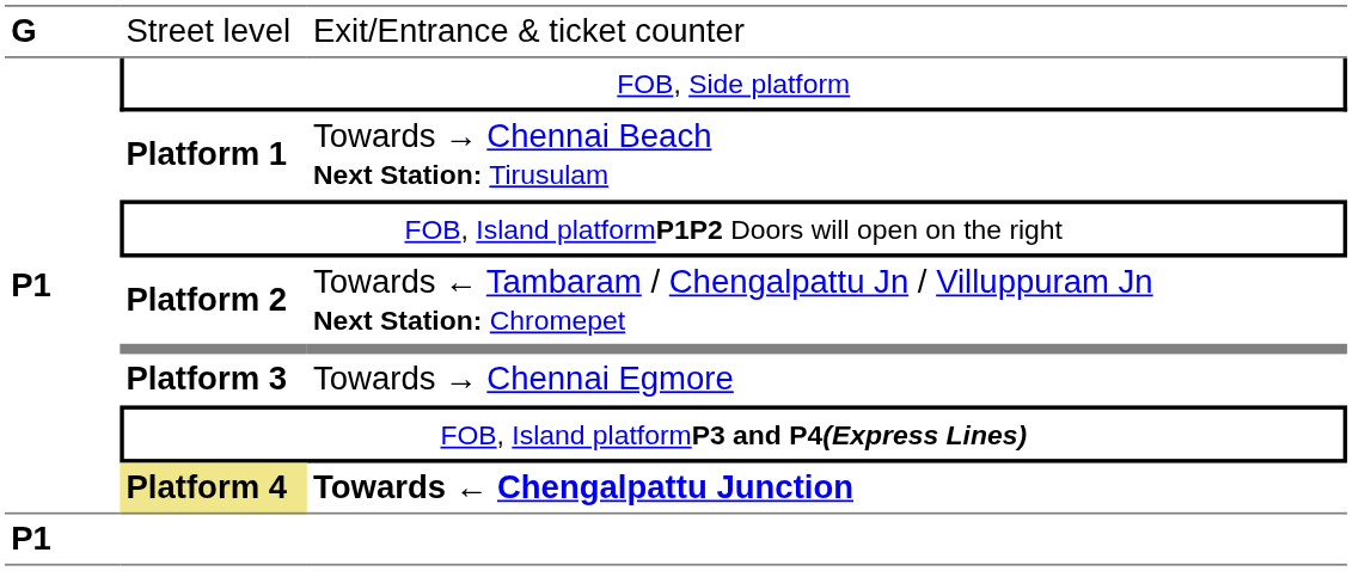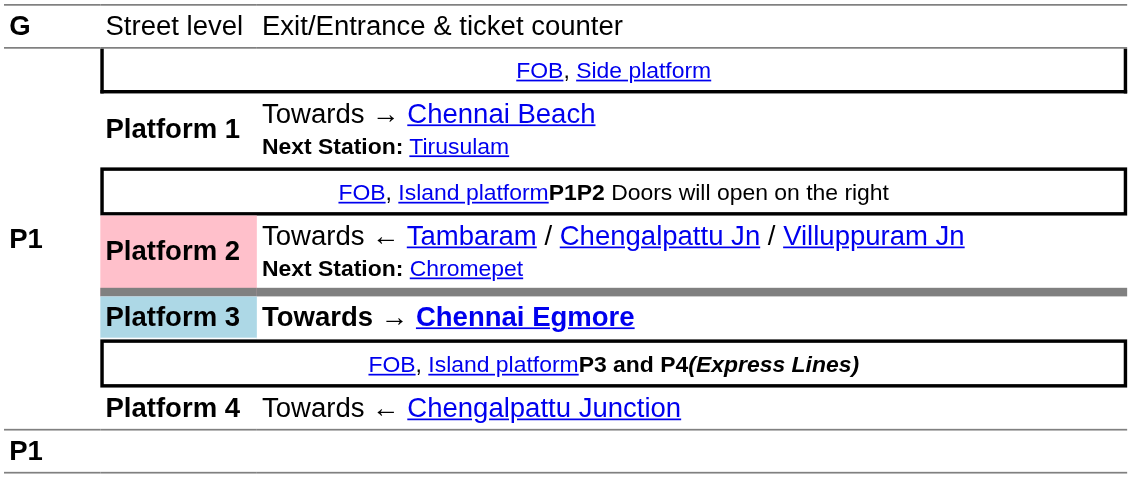 <table cellpadding="3" cellspacing="0" border="0">
 <tr>
 <td valign="top" width="30" style="border-top:solid 1px gray;border-bottom:solid 1px gray;"><strong>G</strong></td>
 <td valign="top" width="85" style="border-top:solid 1px gray;border-bottom:solid 1px gray;">Street level</td>
 <td valign="top" width="500" style="border-top:solid 1px gray;border-bottom:solid 1px gray;">Exit/Entrance & ticket counter</td>
 </tr>
 <tr>
 <td rowspan="7" style="border-bottom:solid 1px gray;" width="50" valign="center"><strong>P1</strong></td>
 <td colspan="2" style="border-right:solid 2px black;border-left:solid 2px black;border-bottom:solid 2px black;text-align:center;"><a href='#'><small>FOB</small></a><small>, <a href='#'>Side platform</a></small></td>
 </tr>
 <tr>
 <td width="85" style="border-bottom:solid 1px white;"><span><strong>Platform 1</strong></span></td>
 <td width="500" style="border-bottom:solid 1px white;">Towards → <a href='#'>Chennai Beach</a><br><small><strong>Next Station:</strong> <a href='#'>Tirusulam</a></small></td>
 </tr>
 <tr>
 <td colspan="2" style="border-top:solid 2px black;border-right:solid 2px black;border-left:solid 2px black;border-bottom:solid 2px black;text-align:center;"><a href='#'><small>FOB</small></a><small>, <a href='#'>Island platform</a><strong>P1</strong><strong>P2</strong> Doors will open on the right</small></td>
 </tr>
 <tr>
-<td width="85" style="border-bottom:solid 5px gray;"><span><strong>Platform 2</strong></span></td>
+<td width="85" style="background: pink; border-bottom:solid 5px gray;"><span><strong>Platform 2</strong></span></td>
 <td width="500" style="border-bottom:solid 5px gray;">Towards ← <a href='#'>Tambaram</a> / <a href='#'>Chengalpattu Jn</a> / <a href='#'>Villuppuram Jn</a><br><small><strong>Next Station:</strong> <a href='#'>Chromepet</a></small></td>
 </tr>
 <tr>
-<td width="85" style="border-bottom:solid 1px white;"><span><strong>Platform 3</strong></span></td>
-<td style="border-bottom:solid 1px white;" width="500">Towards → <a href='#'>Chennai Egmore</a></td>
+<td width="85" style="background: lightblue; border-bottom:solid 1px white;"><span><strong>Platform 3</strong></span></td>
+<td style="border-bottom:solid 1px white;" width="500"><strong>Towards → <a href='#'>Chennai Egmore</a></strong></td>
 </tr>
 <tr>
 <td colspan="2" style="border-top:solid 2px black;border-right:solid 2px black;border-left:solid 2px black;border-bottom:solid 2px black;text-align:center;"><a href='#'><small>FOB</small></a><small>, <a href='#'>Island platform</a><strong>P3 and P4</strong><strong><em>(Express Lines)</em></strong></small></td>
 </tr>
 <tr>
-<td width="85" style="background: khaki; border-bottom:solid 1px gray;"><span><strong>Platform 4</strong></span></td>
-<td style="border-bottom:solid 1px gray;" width="500"><strong>Towards ← <a href='#'>Chengalpattu Junction</a></strong></td>
+<td width="85" style="border-bottom:solid 1px gray;"><span><strong>Platform 4</strong></span></td>
+<td style="border-bottom:solid 1px gray;" width="500">Towards ← <a href='#'>Chengalpattu Junction</a></td>
 </tr>
 <tr>
 <td style="border-bottom:solid 1px gray;" width="50" valign="top"><strong>P1</strong></td>
 <td style="border-bottom:solid 1px gray;" width="50" valign="top"></td>
 <td style="border-bottom:solid 1px gray;" width="50" valign="top"></td>
 </tr>
 <tr>
 </tr>
 </table>
